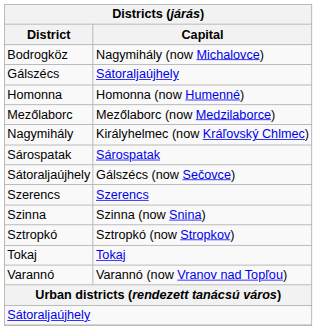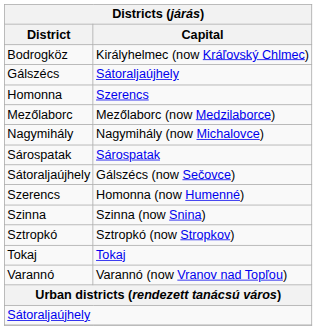 <table class="wikitable">
 <tr>
 <th colspan=2>Districts (<em>járás</em>)</th>
 </tr>
 <tr>
 <th>District</th>
 <th>Capital</th>
 </tr>
 <tr>
 <td> Bodrogköz</td>
-<td>Nagymihály (now <a href='#'>Michalovce</a>)</td>
+<td>Királyhelmec (now <a href='#'>Kráľovský Chlmec</a>)</td>
 </tr>
 <tr>
 <td> Gálszécs</td>
 <td><a href='#'>Sátoraljaújhely</a></td>
 </tr>
 <tr>
 <td> Homonna</td>
-<td>Homonna (now <a href='#'>Humenné</a>)</td>
+<td><a href='#'>Szerencs</a></td>
 </tr>
 <tr>
 <td> Mezőlaborc</td>
 <td>Mezőlaborc (now <a href='#'>Medzilaborce</a>)</td>
 </tr>
 <tr>
 <td> Nagymihály</td>
-<td>Királyhelmec (now <a href='#'>Kráľovský Chlmec</a>)</td>
+<td>Nagymihály (now <a href='#'>Michalovce</a>)</td>
 </tr>
 <tr>
 <td> Sárospatak</td>
 <td><a href='#'>Sárospatak</a></td>
 </tr>
 <tr>
 <td> Sátoraljaújhely</td>
 <td>Gálszécs (now <a href='#'>Sečovce</a>)</td>
 </tr>
 <tr>
 <td> Szerencs</td>
-<td><a href='#'>Szerencs</a></td>
+<td>Homonna (now <a href='#'>Humenné</a>)</td>
 </tr>
 <tr>
 <td> Szinna</td>
 <td>Szinna (now <a href='#'>Snina</a>)</td>
 </tr>
 <tr>
 <td> Sztropkó</td>
 <td>Sztropkó (now <a href='#'>Stropkov</a>)</td>
 </tr>
 <tr>
 <td> Tokaj</td>
 <td><a href='#'>Tokaj</a></td>
 </tr>
 <tr>
 <td> Varannó</td>
 <td>Varannó (now <a href='#'>Vranov nad Topľou</a>)</td>
 </tr>
 <tr>
 <th colspan=2>Urban districts (<em>rendezett tanácsú város</em>)</th>
 </tr>
 <tr>
 <td colspan=2> <a href='#'>Sátoraljaújhely</a></td>
 </tr>
 <tr>
 </tr>
 </table>
